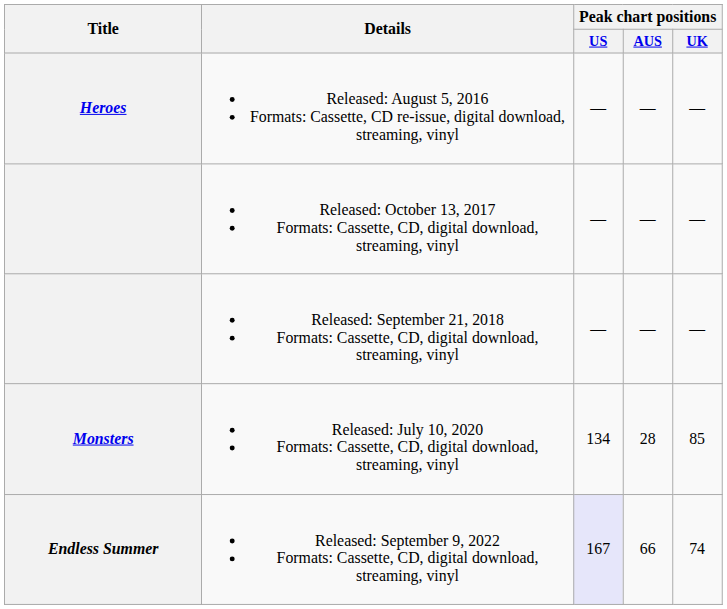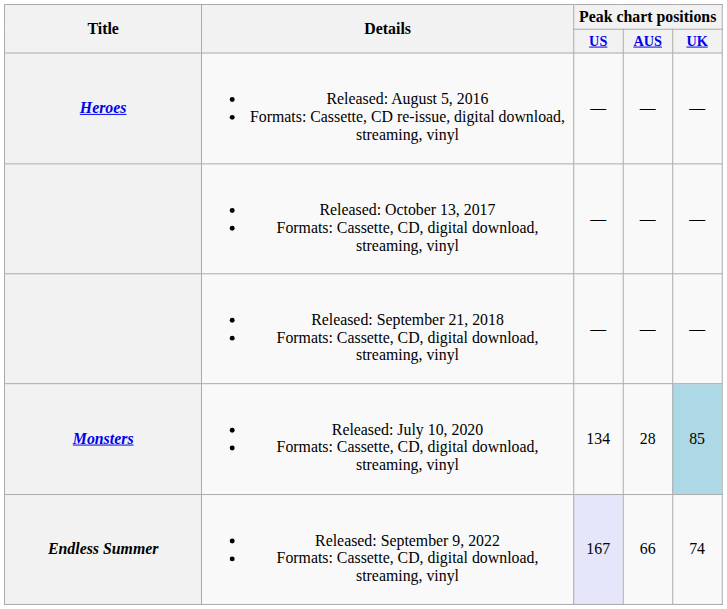 <table class="wikitable plainrowheaders" style="text-align:center;">
 <tr>
 <th scope="col" rowspan="2" style="width:12em;">Title</th>
 <th scope="col" rowspan="2" style="width:23em;">Details</th>
 <th scope="col" colspan="3">Peak chart positions</th>
 </tr>
 <tr>
 <th scope="col" style="width:3em;font-size:90%;"><a href='#'>US</a><br></th>
 <th scope="col" style="width:3em;font-size:90%;"><a href='#'>AUS</a><br></th>
 <th scope="col" style="width:3em;font-size:90%;"><a href='#'>UK</a><br></th>
 </tr>
 <tr>
 <th scope="row"><em><a href='#'>Heroes</a></em></th>
 <td><br><ul><li>Released: August 5, 2016</li><li>Formats: Cassette, CD re-issue, digital download, streaming, vinyl</li></ul></td>
 <td>—</td>
 <td>—</td>
 <td>—</td>
 </tr>
 <tr>
 <th scope="row"><em></em></th>
 <td><br><ul><li>Released: October 13, 2017</li><li>Formats: Cassette, CD, digital download, streaming, vinyl</li></ul></td>
 <td>—</td>
 <td>—</td>
 <td>—</td>
 </tr>
 <tr>
 <th scope="row"><em></em></th>
 <td><br><ul><li>Released: September 21, 2018</li><li>Formats: Cassette, CD, digital download, streaming, vinyl</li></ul></td>
 <td>—</td>
 <td>—</td>
 <td>—</td>
 </tr>
 <tr>
 <th scope="row"><em><a href='#'>Monsters</a></em></th>
 <td><br><ul><li>Released: July 10, 2020</li><li>Formats: Cassette, CD, digital download, streaming, vinyl</li></ul></td>
 <td>134</td>
 <td>28</td>
-<td>85</td>
+<td style="background: lightblue;">85</td>
 </tr>
 <tr>
 <th scope="row"><em>Endless Summer</em></th>
 <td><br><ul><li>Released: September 9, 2022</li><li>Formats: Cassette, CD, digital download, streaming, vinyl</li></ul></td>
 <td style="background: lavender;">167</td>
 <td>66</td>
 <td>74</td>
 </tr>
 </table>
